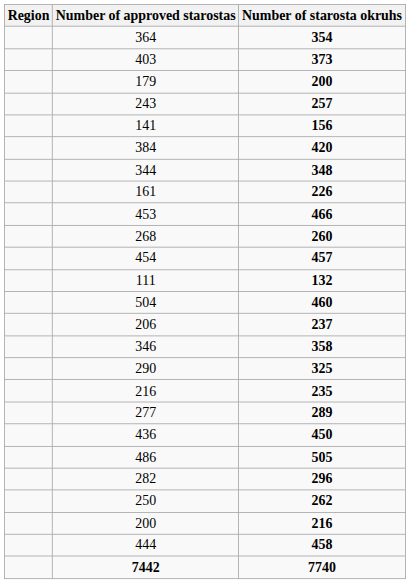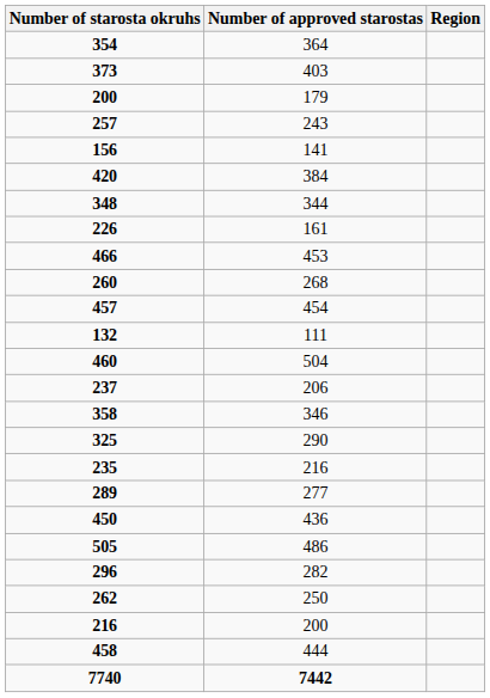 <table class="wikitable sortable">
 <tr>
+<th>Number of starosta okruhs</th>
+<th>Number of approved starostas</th>
 <th>Region</th>
-<th>Number of approved starostas</th>
-<th>Number of starosta okruhs</th>
 </tr>
 <tr>
+<td align="center"><strong>354</strong></td>
+<td align="center">364</td>
 <td></td>
-<td align="center">364</td>
-<td align="center"><strong>354</strong></td>
 </tr>
 <tr>
+<td align="center"><strong>373</strong></td>
+<td align="center">403</td>
 <td></td>
-<td align="center">403</td>
-<td align="center"><strong>373</strong></td>
 </tr>
 <tr>
+<td align="center"><strong>200</strong></td>
+<td align="center">179</td>
 <td></td>
-<td align="center">179</td>
-<td align="center"><strong>200</strong></td>
 </tr>
 <tr>
+<td align="center"><strong>257</strong></td>
+<td align="center">243</td>
 <td></td>
-<td align="center">243</td>
-<td align="center"><strong>257</strong></td>
 </tr>
 <tr>
+<td align="center"><strong>156</strong></td>
+<td align="center">141</td>
 <td></td>
-<td align="center">141</td>
-<td align="center"><strong>156</strong></td>
 </tr>
 <tr>
+<td align="center"><strong>420</strong></td>
+<td align="center">384</td>
 <td></td>
-<td align="center">384</td>
-<td align="center"><strong>420</strong></td>
 </tr>
 <tr>
+<td align="center"><strong>348</strong></td>
+<td align="center">344</td>
 <td></td>
-<td align="center">344</td>
-<td align="center"><strong>348</strong></td>
 </tr>
 <tr>
+<td align="center"><strong>226</strong></td>
+<td align="center">161</td>
 <td></td>
-<td align="center">161</td>
-<td align="center"><strong>226</strong></td>
 </tr>
 <tr>
+<td align="center"><strong>466</strong></td>
+<td align="center">453</td>
 <td></td>
-<td align="center">453</td>
-<td align="center"><strong>466</strong></td>
 </tr>
 <tr>
+<td align="center"><strong>260</strong></td>
+<td align="center">268</td>
 <td></td>
-<td align="center">268</td>
-<td align="center"><strong>260</strong></td>
 </tr>
 <tr>
+<td align="center"><strong>457</strong></td>
+<td align="center">454</td>
 <td></td>
-<td align="center">454</td>
-<td align="center"><strong>457</strong></td>
 </tr>
 <tr>
+<td align="center"><strong>132</strong></td>
+<td align="center">111</td>
 <td></td>
-<td align="center">111</td>
-<td align="center"><strong>132</strong></td>
 </tr>
 <tr>
+<td align="center"><strong>460</strong></td>
+<td align="center">504</td>
 <td></td>
-<td align="center">504</td>
-<td align="center"><strong>460</strong></td>
 </tr>
 <tr>
+<td align="center"><strong>237</strong></td>
+<td align="center">206</td>
 <td></td>
-<td align="center">206</td>
-<td align="center"><strong>237</strong></td>
 </tr>
 <tr>
+<td align="center"><strong>358</strong></td>
+<td align="center">346</td>
 <td></td>
-<td align="center">346</td>
-<td align="center"><strong>358</strong></td>
 </tr>
 <tr>
+<td align="center"><strong>325</strong></td>
+<td align="center">290</td>
 <td></td>
-<td align="center">290</td>
-<td align="center"><strong>325</strong></td>
 </tr>
 <tr>
+<td align="center"><strong>235</strong></td>
+<td align="center">216</td>
 <td></td>
-<td align="center">216</td>
-<td align="center"><strong>235</strong></td>
 </tr>
 <tr>
+<td align="center"><strong>289</strong></td>
+<td align="center">277</td>
 <td></td>
-<td align="center">277</td>
-<td align="center"><strong>289</strong></td>
 </tr>
 <tr>
+<td align="center"><strong>450</strong></td>
+<td align="center">436</td>
 <td></td>
-<td align="center">436</td>
-<td align="center"><strong>450</strong></td>
 </tr>
 <tr>
+<td align="center"><strong>505</strong></td>
+<td align="center">486</td>
 <td></td>
-<td align="center">486</td>
-<td align="center"><strong>505</strong></td>
 </tr>
 <tr>
+<td align="center"><strong>296</strong></td>
+<td align="center">282</td>
 <td></td>
-<td align="center">282</td>
-<td align="center"><strong>296</strong></td>
 </tr>
 <tr>
+<td align="center"><strong>262</strong></td>
+<td align="center">250</td>
 <td></td>
-<td align="center">250</td>
-<td align="center"><strong>262</strong></td>
 </tr>
 <tr>
+<td align="center"><strong>216</strong></td>
+<td align="center">200</td>
 <td></td>
-<td align="center">200</td>
-<td align="center"><strong>216</strong></td>
 </tr>
 <tr>
+<td align="center"><strong>458</strong></td>
+<td align="center">444</td>
 <td></td>
-<td align="center">444</td>
-<td align="center"><strong>458</strong></td>
 </tr>
 <tr>
+<td align="center"><strong>7740</strong></td>
+<td align="center"><strong>7442</strong></td>
 <td style="color:black; text-align:center;"><strong></strong></td>
-<td align="center"><strong>7442</strong></td>
-<td align="center"><strong>7740</strong></td>
 </tr>
 </table>
